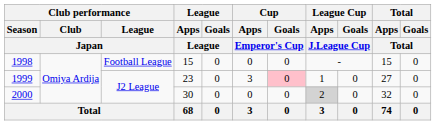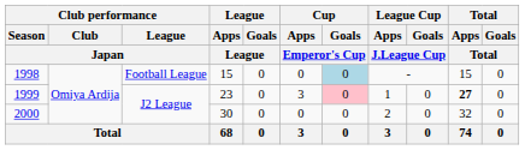 <table class="wikitable" style="text-align:center;">
 <tr>
 <th colspan=3>Club performance</th>
 <th colspan=2>League</th>
 <th colspan=2>Cup</th>
 <th colspan=2>League Cup</th>
 <th colspan=2>Total</th>
 </tr>
 <tr>
 <th>Season</th>
 <th>Club</th>
 <th>League</th>
 <th>Apps</th>
 <th>Goals</th>
 <th>Apps</th>
 <th>Goals</th>
 <th>Apps</th>
 <th>Goals</th>
 <th>Apps</th>
 <th>Goals</th>
 </tr>
 <tr>
 <th colspan=3>Japan</th>
 <th colspan=2>League</th>
 <th colspan=2><a href='#'>Emperor's Cup</a></th>
 <th colspan=2><a href='#'>J.League Cup</a></th>
 <th colspan=2>Total</th>
 </tr>
 <tr>
 <td><a href='#'>1998</a></td>
 <td rowspan="3"><a href='#'>Omiya Ardija</a></td>
 <td><a href='#'>Football League</a></td>
 <td>15</td>
 <td>0</td>
 <td>0</td>
-<td>0</td>
+<td style="background: lightblue;">0</td>
 <td colspan="2">-</td>
 <td>15</td>
 <td>0</td>
 </tr>
 <tr>
 <td><a href='#'>1999</a></td>
 <td rowspan="2"><a href='#'>J2 League</a></td>
 <td>23</td>
 <td>0</td>
 <td>3</td>
 <td style="background: pink;">0</td>
 <td>1</td>
 <td>0</td>
-<td>27</td>
+<td><strong>27</strong></td>
 <td>0</td>
 </tr>
 <tr>
 <td><a href='#'>2000</a></td>
 <td>30</td>
 <td>0</td>
 <td>0</td>
 <td>0</td>
-<td style="background: lightgrey;">2</td>
+<td>2</td>
 <td>0</td>
 <td>32</td>
 <td>0</td>
 </tr>
 <tr>
 <th colspan=3>Total</th>
 <th>68</th>
 <th>0</th>
 <th>3</th>
 <th>0</th>
 <th>3</th>
 <th>0</th>
 <th>74</th>
 <th>0</th>
 </tr>
 </table>
